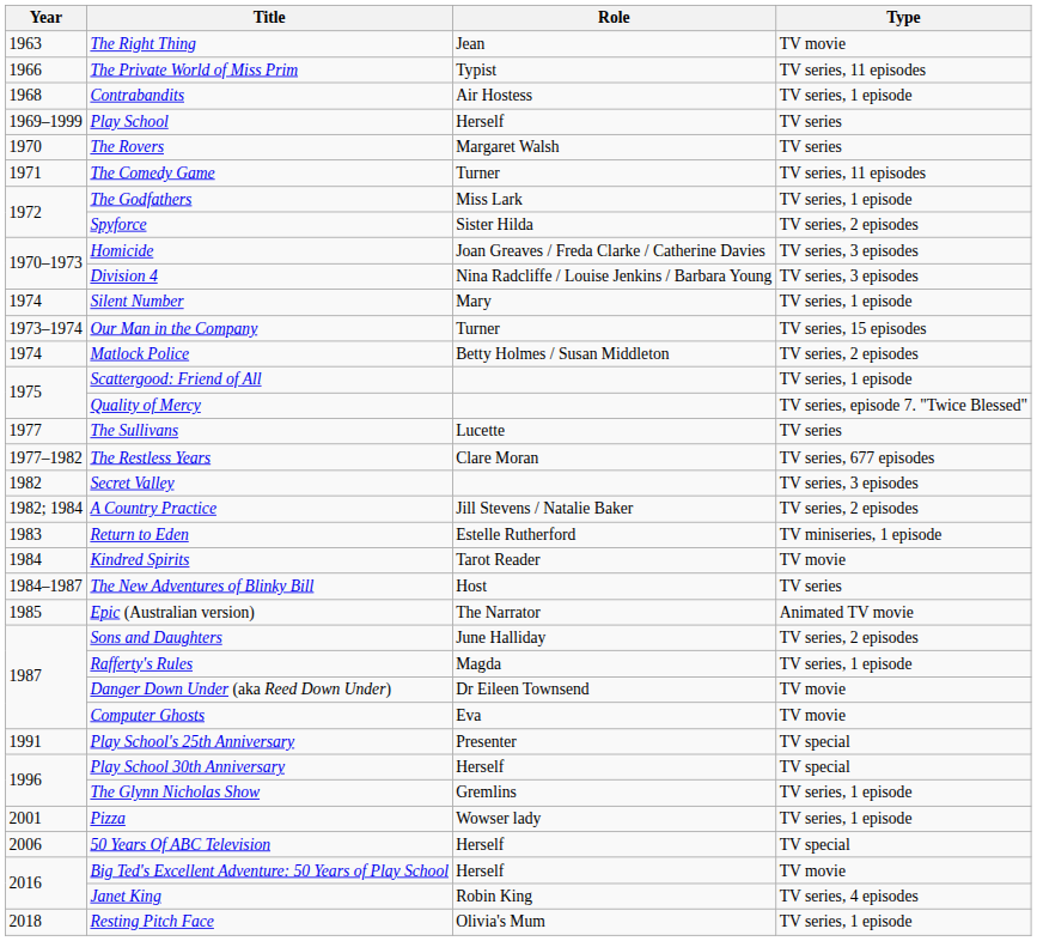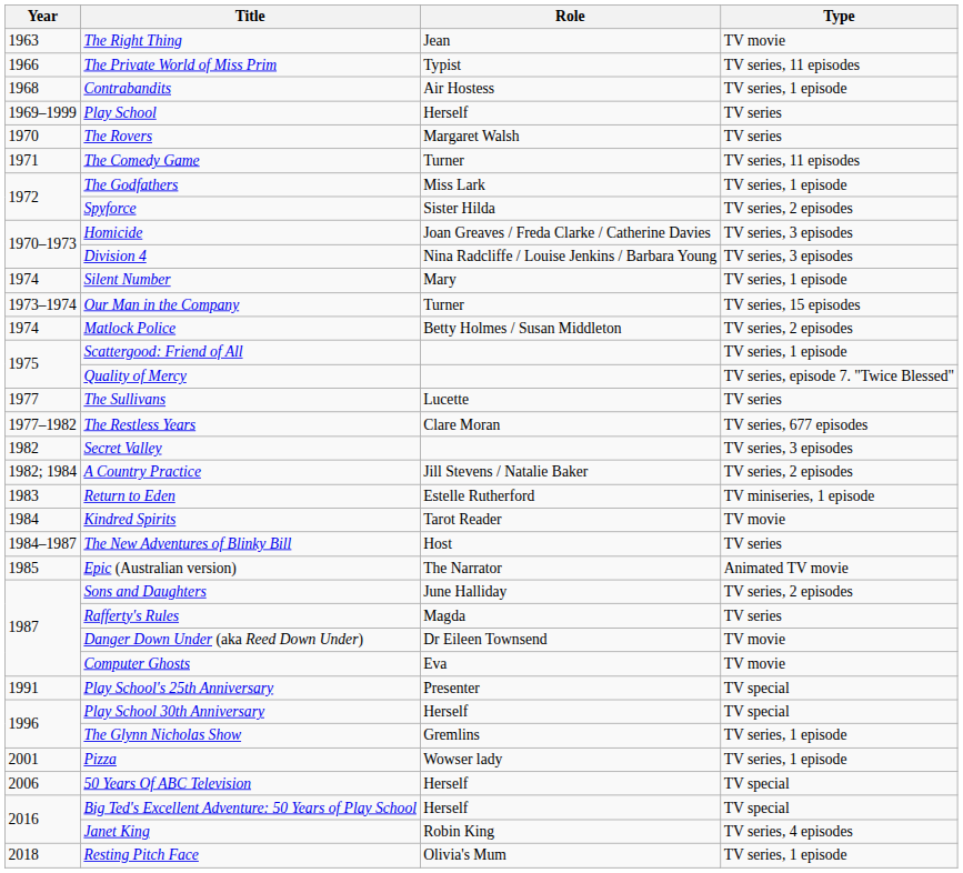 <table class="wikitable">
 <tr>
 <th>Year</th>
 <th>Title</th>
 <th>Role</th>
 <th>Type</th>
 </tr>
 <tr>
 <td>1963</td>
 <td><em><a href='#'>The Right Thing</a></em></td>
 <td>Jean</td>
 <td>TV movie</td>
 </tr>
 <tr>
 <td>1966</td>
 <td><em><a href='#'>The Private World of Miss Prim</a></em></td>
 <td>Typist</td>
 <td>TV series, 11 episodes</td>
 </tr>
 <tr>
 <td>1968</td>
 <td><em><a href='#'>Contrabandits</a></em></td>
 <td>Air Hostess</td>
 <td>TV series, 1 episode</td>
 </tr>
 <tr>
 <td>1969–1999</td>
 <td><em><a href='#'>Play School</a></em></td>
 <td>Herself</td>
 <td>TV series</td>
 </tr>
 <tr>
 <td>1970</td>
 <td><em><a href='#'>The Rovers</a></em></td>
 <td>Margaret Walsh</td>
 <td>TV series</td>
 </tr>
 <tr>
 <td>1971</td>
 <td><em><a href='#'>The Comedy Game</a></em></td>
 <td>Turner</td>
 <td>TV series, 11 episodes</td>
 </tr>
 <tr>
 <td Rowspan="2">1972</td>
 <td><em><a href='#'>The Godfathers</a></em></td>
 <td>Miss Lark</td>
 <td>TV series, 1 episode</td>
 </tr>
 <tr>
 <td><em><a href='#'>Spyforce</a></em></td>
 <td>Sister Hilda</td>
 <td>TV series, 2 episodes</td>
 </tr>
 <tr>
 <td Rowspan="2">1970–1973</td>
 <td><em><a href='#'>Homicide</a></em></td>
 <td>Joan Greaves / Freda Clarke / Catherine Davies</td>
 <td>TV series, 3 episodes</td>
 </tr>
 <tr>
 <td><em><a href='#'>Division 4</a></em></td>
 <td>Nina Radcliffe / Louise Jenkins / Barbara Young</td>
 <td>TV series, 3 episodes</td>
 </tr>
 <tr>
 <td>1974</td>
 <td><em><a href='#'>Silent Number</a></em></td>
 <td>Mary</td>
 <td>TV series, 1 episode</td>
 </tr>
 <tr>
 <td>1973–1974</td>
 <td><em><a href='#'>Our Man in the Company</a></em></td>
 <td>Turner</td>
 <td>TV series, 15 episodes</td>
 </tr>
 <tr>
 <td>1974</td>
 <td><em><a href='#'>Matlock Police</a></em></td>
 <td>Betty Holmes / Susan Middleton</td>
 <td>TV series, 2 episodes</td>
 </tr>
 <tr>
 <td Rowspan="2">1975</td>
 <td><em><a href='#'>Scattergood: Friend of All</a></em></td>
 <td></td>
 <td>TV series, 1 episode</td>
 </tr>
 <tr>
 <td><em><a href='#'>Quality of Mercy</a></em></td>
 <td></td>
 <td>TV series, episode 7. "Twice Blessed"</td>
 </tr>
 <tr>
 <td>1977</td>
 <td><em><a href='#'>The Sullivans</a></em></td>
 <td>Lucette</td>
 <td>TV series</td>
 </tr>
 <tr>
 <td>1977–1982</td>
 <td><em><a href='#'>The Restless Years</a></em></td>
 <td>Clare Moran</td>
 <td>TV series, 677 episodes</td>
 </tr>
 <tr>
 <td>1982</td>
 <td><em><a href='#'>Secret Valley</a></em></td>
 <td></td>
 <td>TV series, 3 episodes</td>
 </tr>
 <tr>
 <td>1982; 1984</td>
 <td><em><a href='#'>A Country Practice</a></em></td>
 <td>Jill Stevens / Natalie Baker</td>
 <td>TV series, 2 episodes</td>
 </tr>
 <tr>
 <td>1983</td>
 <td><em><a href='#'>Return to Eden</a></em></td>
 <td>Estelle Rutherford</td>
 <td>TV miniseries, 1 episode</td>
 </tr>
 <tr>
 <td>1984</td>
 <td><em><a href='#'>Kindred Spirits</a></em></td>
 <td>Tarot Reader</td>
 <td>TV movie</td>
 </tr>
 <tr>
 <td>1984–1987</td>
 <td><em><a href='#'>The New Adventures of Blinky Bill</a></em></td>
 <td>Host</td>
 <td>TV series</td>
 </tr>
 <tr>
 <td>1985</td>
 <td><em><a href='#'>Epic</a></em> (Australian version)</td>
 <td>The Narrator</td>
 <td>Animated TV movie</td>
 </tr>
 <tr>
 <td Rowspan="4">1987</td>
 <td><em><a href='#'>Sons and Daughters</a></em></td>
 <td>June Halliday</td>
 <td>TV series, 2 episodes</td>
 </tr>
 <tr>
 <td><em><a href='#'>Rafferty's Rules</a></em></td>
 <td>Magda</td>
-<td>TV series, 1 episode</td>
+<td>TV series</td>
 </tr>
 <tr>
 <td><em><a href='#'>Danger Down Under</a></em> (aka <em>Reed Down Under</em>)</td>
 <td>Dr Eileen Townsend</td>
 <td>TV movie</td>
 </tr>
 <tr>
 <td><em><a href='#'>Computer Ghosts</a></em></td>
 <td>Eva</td>
 <td>TV movie</td>
 </tr>
 <tr>
 <td>1991</td>
 <td><em><a href='#'>Play School's 25th Anniversary</a></em></td>
 <td>Presenter</td>
 <td>TV special</td>
 </tr>
 <tr>
 <td Rowspan="2">1996</td>
 <td><em><a href='#'>Play School 30th Anniversary</a></em></td>
 <td>Herself</td>
 <td>TV special</td>
 </tr>
 <tr>
 <td><em><a href='#'>The Glynn Nicholas Show</a></em></td>
 <td>Gremlins</td>
 <td>TV series, 1 episode</td>
 </tr>
 <tr>
 <td>2001</td>
 <td><em><a href='#'>Pizza</a></em></td>
 <td>Wowser lady</td>
 <td>TV series, 1 episode</td>
 </tr>
 <tr>
 <td>2006</td>
 <td><em><a href='#'>50 Years Of ABC Television</a></em></td>
 <td>Herself</td>
 <td>TV special</td>
 </tr>
 <tr>
 <td Rowspan="2">2016</td>
 <td><em><a href='#'>Big Ted's Excellent Adventure: 50 Years of Play School</a></em></td>
 <td>Herself</td>
-<td>TV movie</td>
+<td>TV special</td>
 </tr>
 <tr>
 <td><em><a href='#'>Janet King</a></em></td>
 <td>Robin King</td>
 <td>TV series, 4 episodes</td>
 </tr>
 <tr>
 <td>2018</td>
 <td><em><a href='#'>Resting Pitch Face</a></em></td>
 <td>Olivia's Mum</td>
 <td>TV series, 1 episode</td>
 </tr>
 </table>
